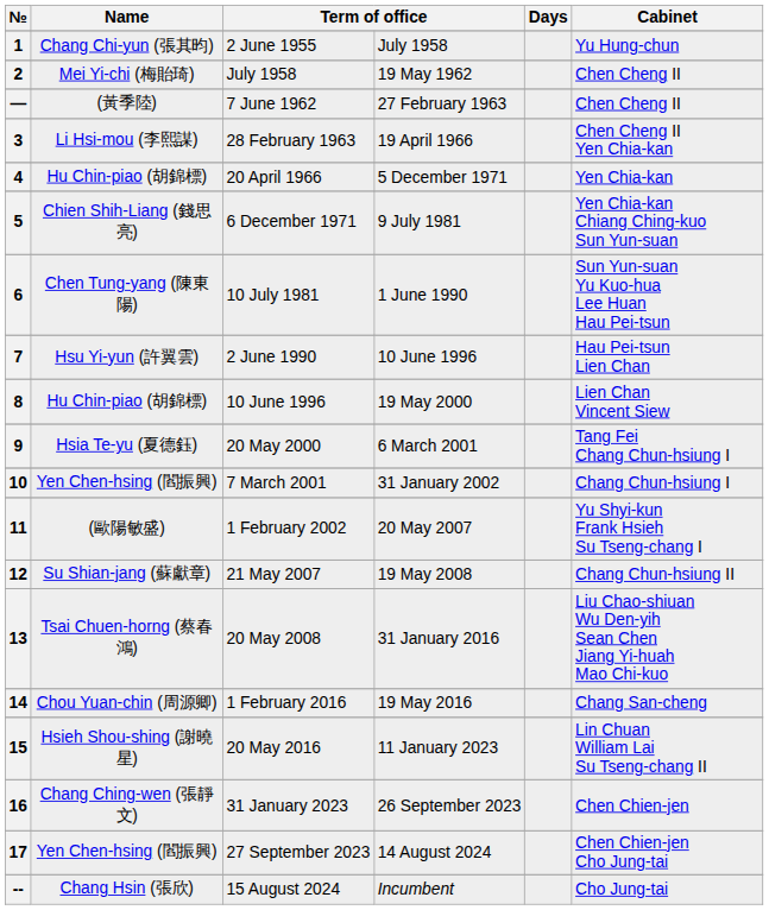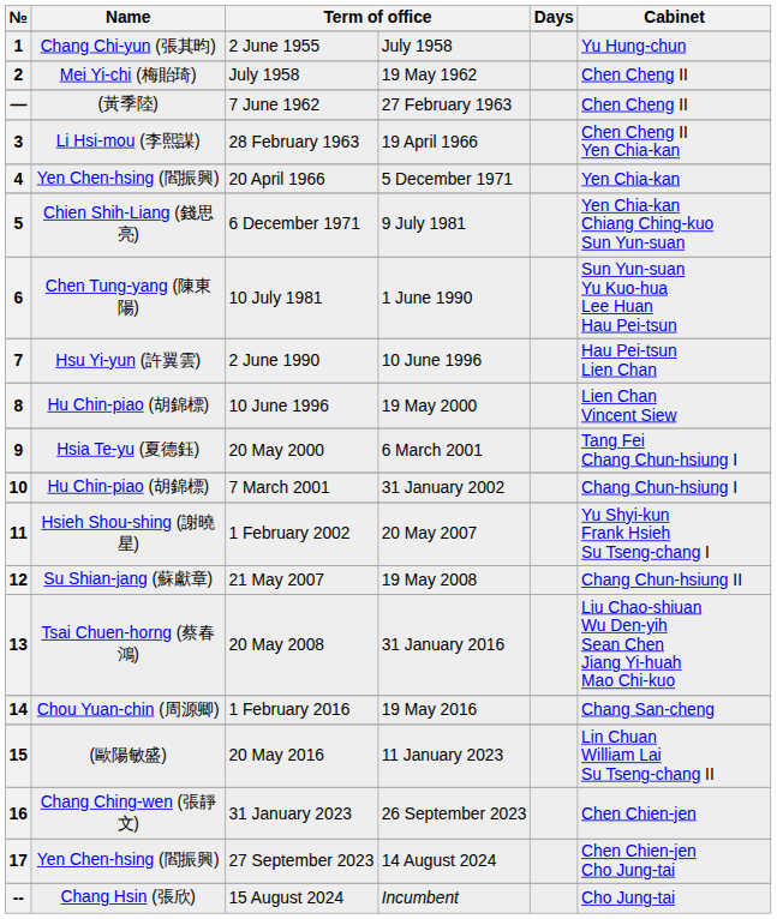 <table class="wikitable">
 <tr ->
 <th>№</th>
 <th width="180">Name</th>
 <th colspan=2 width="180">Term of office</th>
 <th>Days</th>
 <th width="180">Cabinet</th>
 </tr>
 <tr ->
 </tr>
 <tr - bgcolor=#EEEEEE>
 <th style="background:">1</th>
 <td align=center><a href='#'>Chang Chi-yun</a> (張其昀)</td>
 <td>2 June 1955</td>
 <td>July 1958</td>
 <td></td>
 <td><a href='#'>Yu Hung-chun</a></td>
 </tr>
 <tr ->
 </tr>
 <tr - bgcolor=#EEEEEE>
 <th style="background:">2</th>
 <td align=center><a href='#'>Mei Yi-chi</a> (梅貽琦)</td>
 <td>July 1958</td>
 <td>19 May 1962</td>
 <td></td>
 <td><a href='#'>Chen Cheng</a> II</td>
 </tr>
 <tr ->
 </tr>
 <tr - bgcolor=#EEEEEE>
 <th style="background:">—</th>
 <td align=center> (黃季陸)</td>
 <td>7 June 1962</td>
 <td>27 February 1963</td>
 <td></td>
 <td><a href='#'>Chen Cheng</a> II</td>
 </tr>
 <tr ->
 </tr>
 <tr - bgcolor=#EEEEEE>
 <th style="background:">3</th>
 <td align=center><a href='#'>Li Hsi-mou</a> (李熙謀)</td>
 <td>28 February 1963</td>
 <td>19 April 1966</td>
 <td></td>
 <td><a href='#'>Chen Cheng</a> II<br><a href='#'>Yen Chia-kan</a></td>
 </tr>
 <tr ->
 </tr>
 <tr - bgcolor=#EEEEEE>
 <th style="background:">4</th>
-<td align=center><a href='#'>Hu Chin-piao</a> (胡錦標)</td>
+<td align=center><a href='#'>Yen Chen-hsing</a> (閻振興)</td>
 <td>20 April 1966</td>
 <td>5 December 1971</td>
 <td></td>
 <td><a href='#'>Yen Chia-kan</a></td>
 </tr>
 <tr ->
 </tr>
 <tr - bgcolor=#EEEEEE>
 <th style="background:">5</th>
 <td align=center><a href='#'>Chien Shih-Liang</a> (錢思亮)</td>
 <td>6 December 1971</td>
 <td>9 July 1981</td>
 <td></td>
 <td><a href='#'>Yen Chia-kan</a><br><a href='#'>Chiang Ching-kuo</a><br><a href='#'>Sun Yun-suan</a></td>
 </tr>
 <tr ->
 </tr>
 <tr - bgcolor=#EEEEEE>
 <th style="background:">6</th>
 <td align=center><a href='#'>Chen Tung-yang</a> (陳東陽)</td>
 <td>10 July 1981</td>
 <td>1 June 1990</td>
 <td></td>
 <td><a href='#'>Sun Yun-suan</a><br><a href='#'>Yu Kuo-hua</a><br><a href='#'>Lee Huan</a><br><a href='#'>Hau Pei-tsun</a></td>
 </tr>
 <tr ->
 </tr>
 <tr - bgcolor=#EEEEEE>
 <th style="background:">7</th>
 <td align=center><a href='#'>Hsu Yi-yun</a> (許翼雲)</td>
 <td>2 June 1990</td>
 <td>10 June 1996</td>
 <td></td>
 <td><a href='#'>Hau Pei-tsun</a><br><a href='#'>Lien Chan</a></td>
 </tr>
 <tr ->
 </tr>
 <tr - bgcolor=#EEEEEE>
 <th style="background:">8</th>
 <td align=center><a href='#'>Hu Chin-piao</a> (胡錦標)</td>
 <td>10 June 1996</td>
 <td>19 May 2000</td>
 <td></td>
 <td><a href='#'>Lien Chan</a><br><a href='#'>Vincent Siew</a></td>
 </tr>
 <tr ->
 </tr>
 <tr - bgcolor=#EEEEEE>
 <th style="background:">9</th>
 <td align=center><a href='#'>Hsia Te-yu</a> (夏德鈺)</td>
 <td>20 May 2000</td>
 <td>6 March 2001</td>
 <td></td>
 <td><a href='#'>Tang Fei</a><br><a href='#'>Chang Chun-hsiung</a> I</td>
 </tr>
 <tr ->
 </tr>
 <tr - bgcolor=#EEEEEE>
 <th style="background:">10</th>
-<td align=center><a href='#'>Yen Chen-hsing</a> (閻振興)</td>
+<td align=center><a href='#'>Hu Chin-piao</a> (胡錦標)</td>
 <td>7 March 2001</td>
 <td>31 January 2002</td>
 <td></td>
 <td><a href='#'>Chang Chun-hsiung</a> I</td>
 </tr>
 <tr ->
 </tr>
 <tr - bgcolor=#EEEEEE>
 <th style="background:">11</th>
-<td align=center> (歐陽敏盛)</td>
+<td align=center><a href='#'>Hsieh Shou-shing</a> (謝曉星)</td>
 <td>1 February 2002</td>
 <td>20 May 2007</td>
 <td></td>
 <td><a href='#'>Yu Shyi-kun</a><br><a href='#'>Frank Hsieh</a><br><a href='#'>Su Tseng-chang</a> I</td>
 </tr>
 <tr ->
 </tr>
 <tr - bgcolor=#EEEEEE>
 <th style="background:">12</th>
 <td align=center><a href='#'>Su Shian-jang</a> (蘇獻章)</td>
 <td>21 May 2007</td>
 <td>19 May 2008</td>
 <td></td>
 <td><a href='#'>Chang Chun-hsiung</a> II</td>
 </tr>
 <tr ->
 </tr>
 <tr - bgcolor=#EEEEEE>
 <th style="background:">13</th>
 <td align=center><a href='#'>Tsai Chuen-horng</a> (蔡春鴻)</td>
 <td>20 May 2008</td>
 <td>31 January 2016</td>
 <td></td>
 <td><a href='#'>Liu Chao-shiuan</a><br><a href='#'>Wu Den-yih</a><br><a href='#'>Sean Chen</a><br><a href='#'>Jiang Yi-huah</a><br><a href='#'>Mao Chi-kuo</a></td>
 </tr>
 <tr ->
 </tr>
 <tr - bgcolor=#EEEEEE>
 <th style="background:">14</th>
 <td align=center><a href='#'>Chou Yuan-chin</a> (周源卿)</td>
 <td>1 February 2016</td>
 <td>19 May 2016</td>
 <td></td>
 <td><a href='#'>Chang San-cheng</a></td>
 </tr>
 <tr ->
 </tr>
 <tr - bgcolor=#EEEEEE>
 <th style="background:">15</th>
-<td align=center><a href='#'>Hsieh Shou-shing</a> (謝曉星)</td>
+<td align=center> (歐陽敏盛)</td>
 <td>20 May 2016</td>
 <td>11 January 2023</td>
 <td></td>
 <td><a href='#'>Lin Chuan</a><br><a href='#'>William Lai</a><br><a href='#'>Su Tseng-chang</a> II</td>
 </tr>
 <tr ->
 </tr>
 <tr - bgcolor=#EEEEEE>
 <th style="background:">16</th>
 <td align=center><a href='#'>Chang Ching-wen</a> (張靜文)</td>
 <td>31 January 2023</td>
 <td>26 September 2023</td>
 <td></td>
 <td><a href='#'>Chen Chien-jen</a></td>
 </tr>
 <tr ->
 </tr>
 <tr - bgcolor=#EEEEEE>
 <th style="background:">17</th>
 <td align=center><a href='#'>Yen Chen-hsing</a> (閻振興)</td>
 <td>27 September 2023</td>
 <td>14 August 2024</td>
 <td></td>
 <td><a href='#'>Chen Chien-jen</a><br><a href='#'>Cho Jung-tai</a></td>
 </tr>
 <tr ->
 </tr>
 <tr - bgcolor=#EEEEEE>
 <th style="background:">--</th>
 <td align=center><a href='#'>Chang Hsin</a> (張欣)</td>
 <td>15 August 2024</td>
 <td><em>Incumbent</em></td>
 <td></td>
 <td><a href='#'>Cho Jung-tai</a></td>
 </tr>
 </table>
